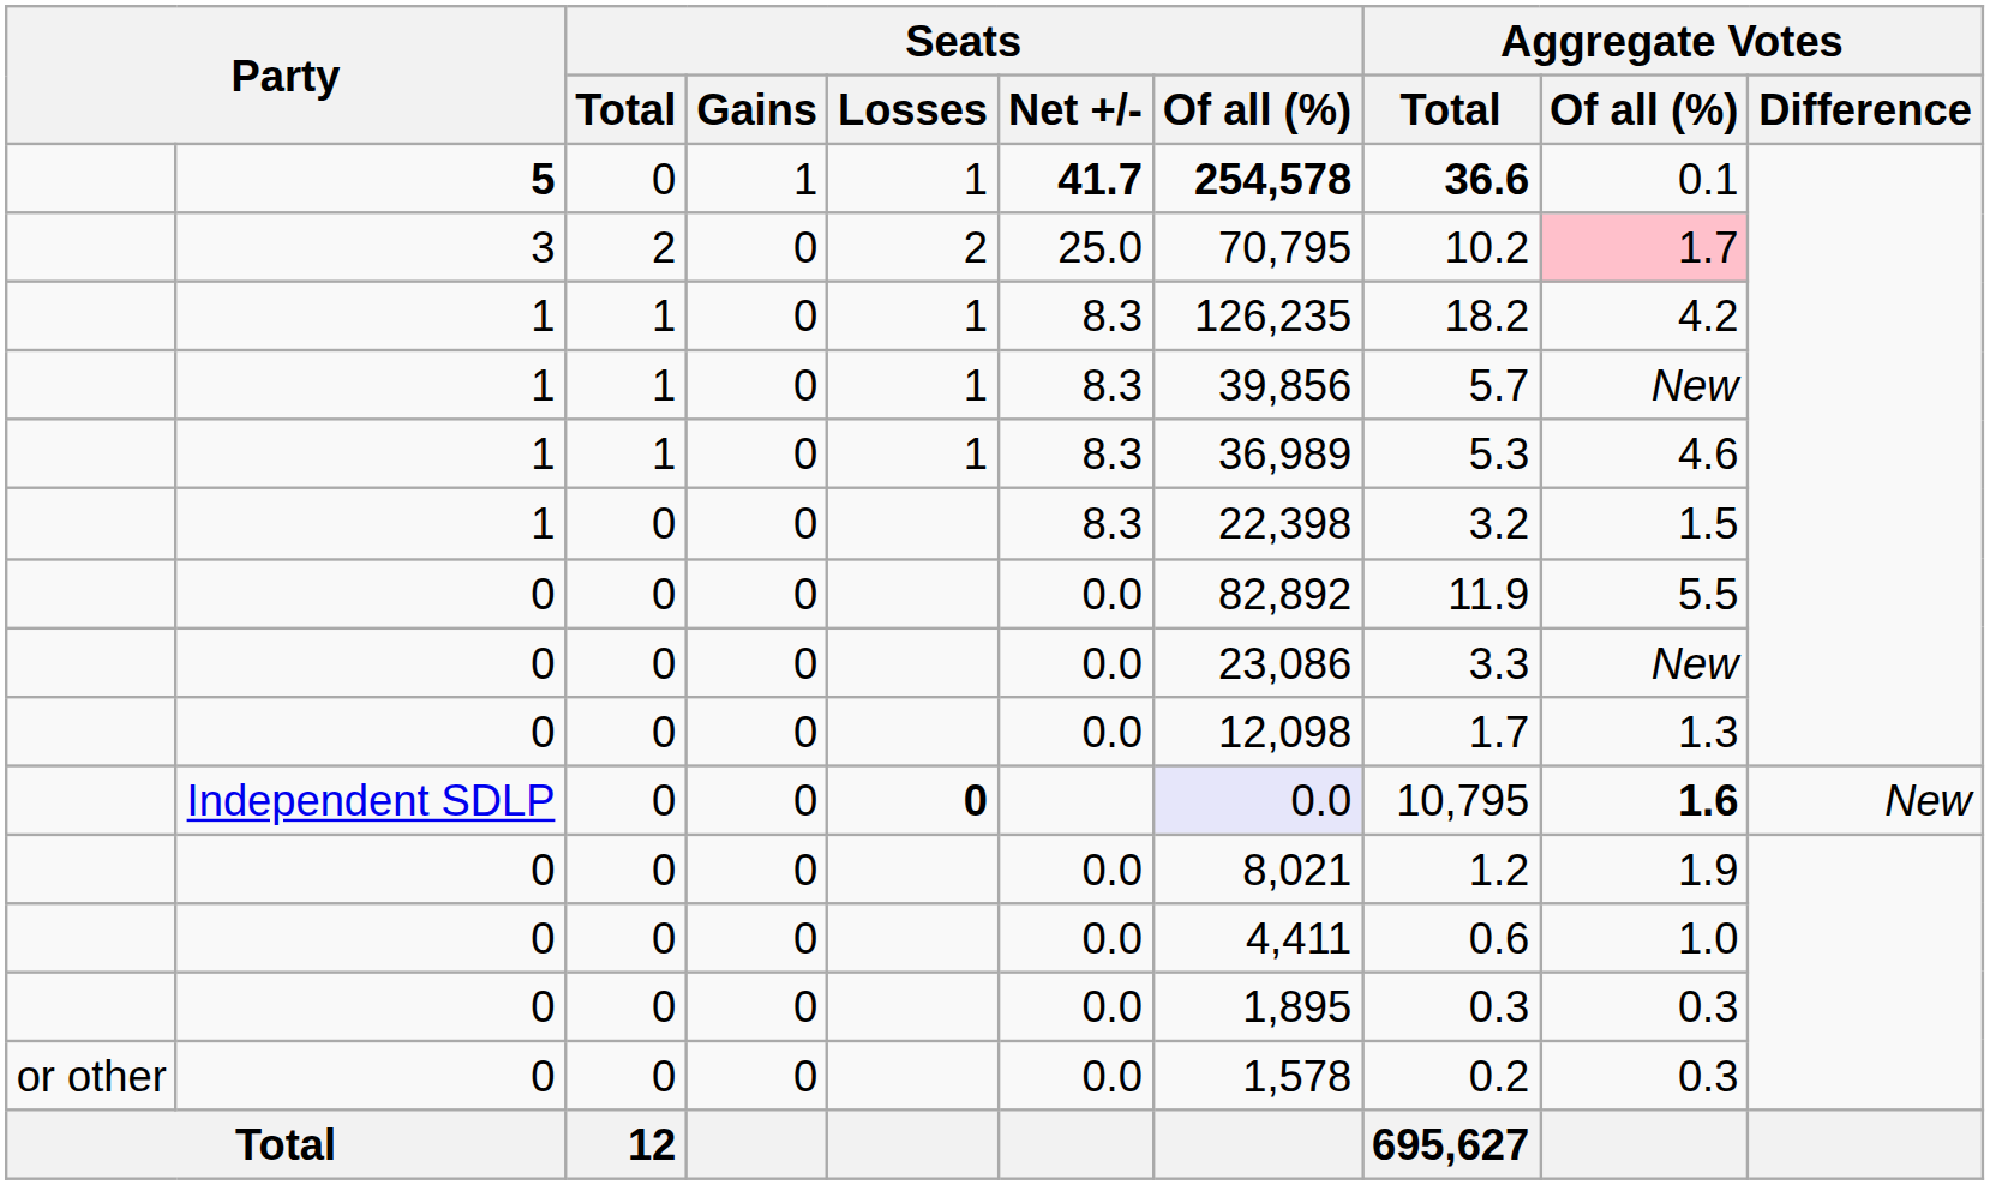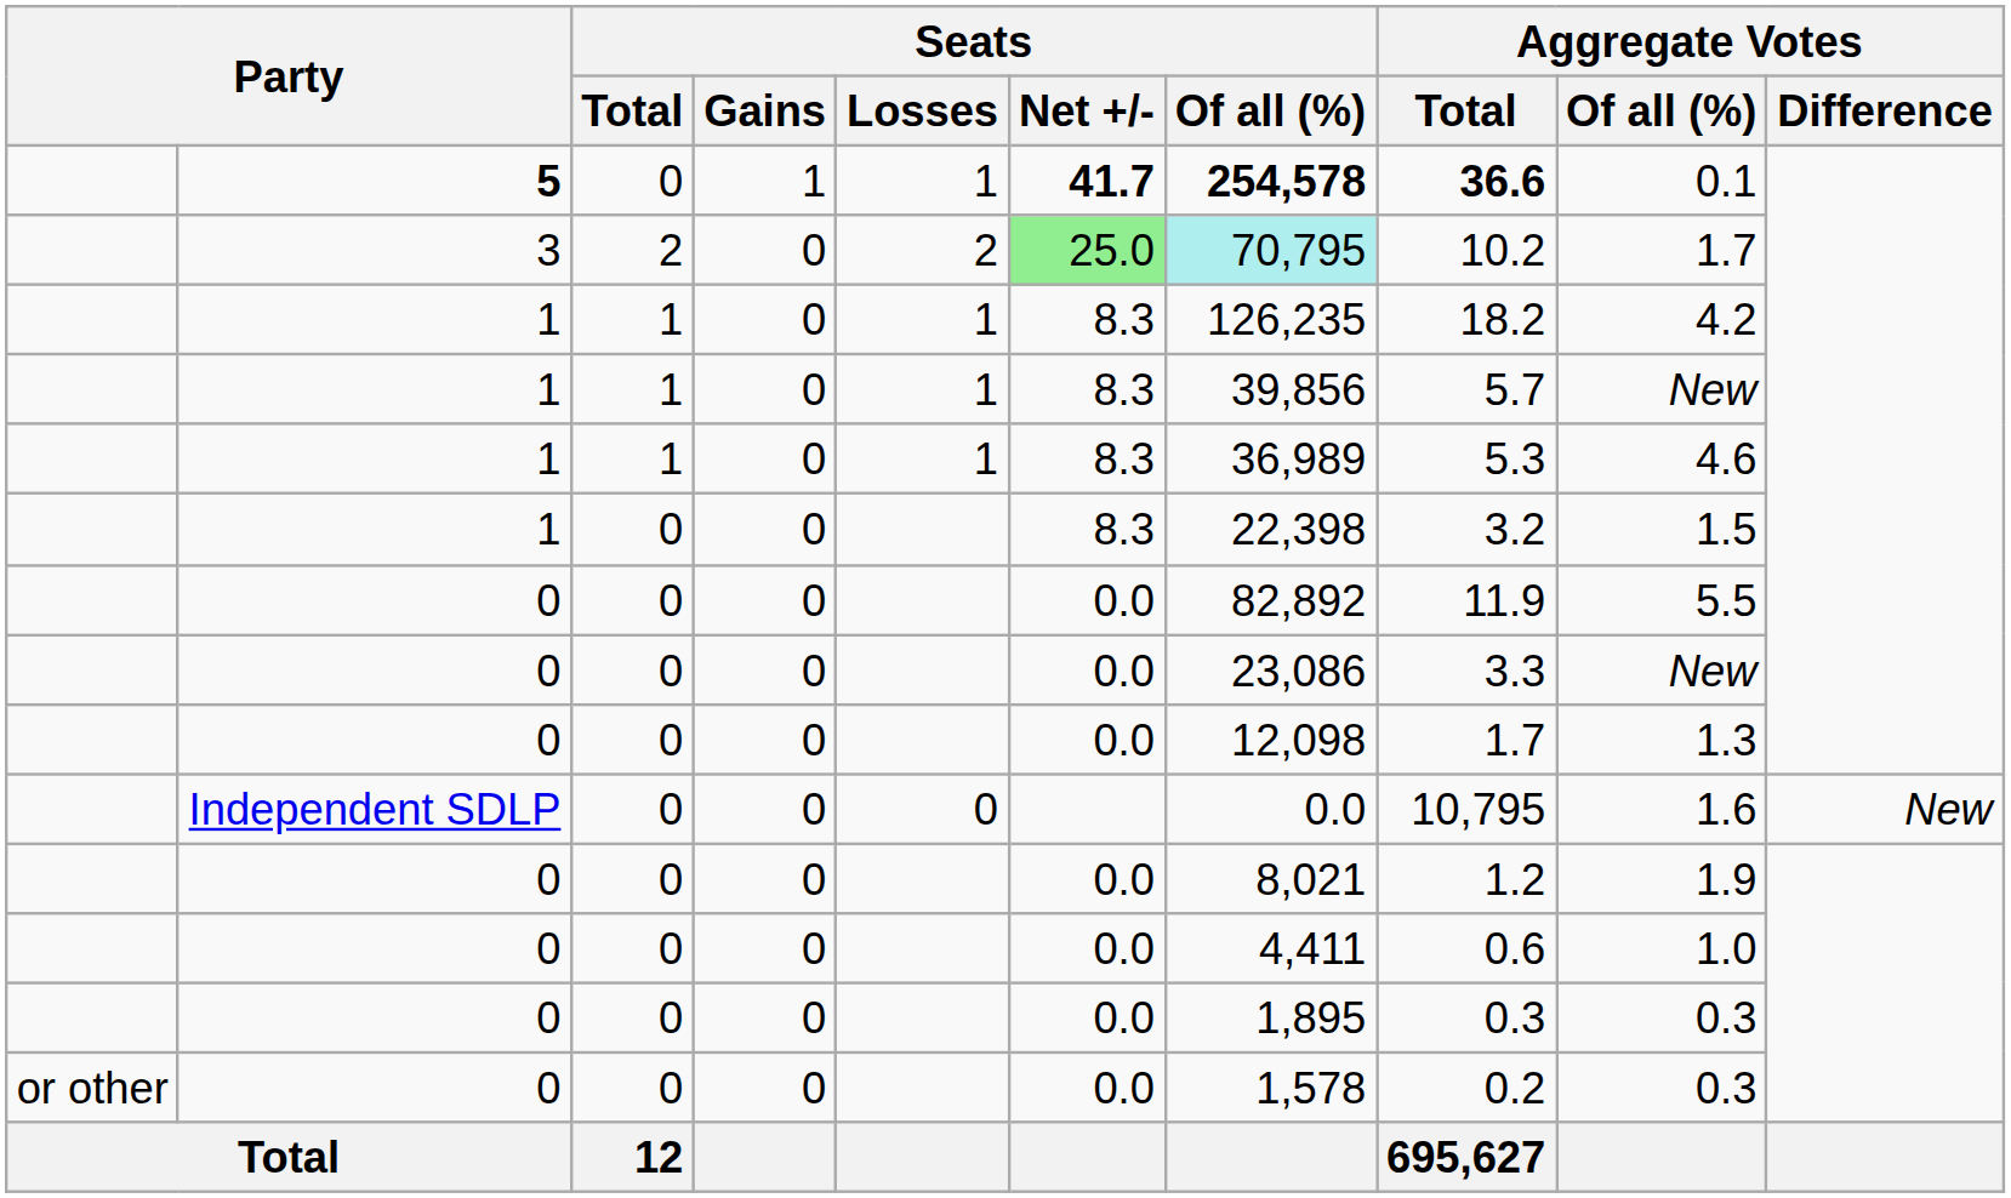 <table class="wikitable sortable" style="text-align:right; font-size:95%;">
 <tr>
 <th colspan="2" rowspan="2">Party</th>
 <th colspan="5">Seats</th>
 <th colspan="3">Aggregate Votes</th>
 </tr>
 <tr>
 <th>Total</th>
 <th>Gains</th>
 <th>Losses</th>
 <th>Net +/-</th>
 <th>Of all (%)</th>
 <th>Total</th>
 <th>Of all (%)</th>
 <th>Difference</th>
 </tr>
 <tr>
 <td></td>
 <td><strong>5</strong></td>
 <td>0</td>
 <td>1</td>
 <td> 1</td>
 <td><strong>41.7</strong></td>
 <td><strong>254,578</strong></td>
 <td><strong>36.6</strong></td>
 <td>0.1</td>
 </tr>
 <tr>
 <td></td>
 <td>3</td>
 <td>2</td>
 <td>0</td>
 <td> 2</td>
-<td>25.0</td>
-<td>70,795</td>
+<td style="background: lightgreen;">25.0</td>
+<td style="background: paleturquoise;">70,795</td>
 <td>10.2</td>
-<td style="background: pink;">1.7</td>
+<td>1.7</td>
 </tr>
 <tr>
 <td></td>
 <td>1</td>
 <td>1</td>
 <td>0</td>
 <td>1</td>
 <td>8.3</td>
 <td>126,235</td>
 <td>18.2</td>
 <td>4.2</td>
 </tr>
 <tr>
 <td></td>
 <td>1</td>
 <td>1</td>
 <td>0</td>
 <td>1</td>
 <td>8.3</td>
 <td>39,856</td>
 <td>5.7</td>
 <td><em>New</em></td>
 </tr>
 <tr>
 <td></td>
 <td>1</td>
 <td>1</td>
 <td>0</td>
 <td>1</td>
 <td>8.3</td>
 <td>36,989</td>
 <td>5.3</td>
 <td>4.6</td>
 </tr>
 <tr>
 <td></td>
 <td>1</td>
 <td>0</td>
 <td>0</td>
 <td></td>
 <td>8.3</td>
 <td>22,398</td>
 <td>3.2</td>
 <td>1.5</td>
 </tr>
 <tr>
 <td></td>
 <td>0</td>
 <td>0</td>
 <td>0</td>
 <td></td>
 <td>0.0</td>
 <td>82,892</td>
 <td>11.9</td>
 <td>5.5</td>
 </tr>
 <tr>
 <td></td>
 <td>0</td>
 <td>0</td>
 <td>0</td>
 <td></td>
 <td>0.0</td>
 <td>23,086</td>
 <td>3.3</td>
 <td><em>New</em></td>
 </tr>
 <tr>
 <td></td>
 <td>0</td>
 <td>0</td>
 <td>0</td>
 <td></td>
 <td>0.0</td>
 <td>12,098</td>
 <td>1.7</td>
 <td>1.3</td>
 </tr>
 <tr>
 <td></td>
 <td><a href='#'>Independent SDLP</a></td>
 <td>0</td>
 <td>0</td>
-<td><strong>0</strong></td>
+<td>0</td>
 <td></td>
-<td style="background: lavender;">0.0</td>
+<td>0.0</td>
 <td>10,795</td>
-<td><strong>1.6</strong></td>
+<td>1.6</td>
 <td><em>New</em></td>
 </tr>
 <tr>
 <td></td>
 <td>0</td>
 <td>0</td>
 <td>0</td>
 <td></td>
 <td>0.0</td>
 <td>8,021</td>
 <td>1.2</td>
 <td>1.9</td>
 </tr>
 <tr>
 <td></td>
 <td>0</td>
 <td>0</td>
 <td>0</td>
 <td></td>
 <td>0.0</td>
 <td>4,411</td>
 <td>0.6</td>
 <td>1.0</td>
 </tr>
 <tr>
 <td></td>
 <td>0</td>
 <td>0</td>
 <td>0</td>
 <td></td>
 <td>0.0</td>
 <td>1,895</td>
 <td>0.3</td>
 <td>0.3</td>
 </tr>
 <tr>
 <td> or other</td>
 <td>0</td>
 <td>0</td>
 <td>0</td>
 <td></td>
 <td>0.0</td>
 <td>1,578</td>
 <td>0.2</td>
 <td>0.3</td>
 </tr>
 <tr class="sortbottom">
 <th colspan="2" style="background:#f2f2f2"><strong>Total</strong></th>
 <td style="background:#f2f2f2;"><strong>12</strong></td>
 <td style="background:#f2f2f2;"></td>
 <td style="background:#f2f2f2;"></td>
 <td style="background:#f2f2f2;"></td>
 <td style="background:#f2f2f2;"></td>
 <td style="background:#f2f2f2;"><strong>695,627</strong></td>
 <td style="background:#f2f2f2;"></td>
 <td style="background:#f2f2f2;"></td>
 </tr>
 </table>
